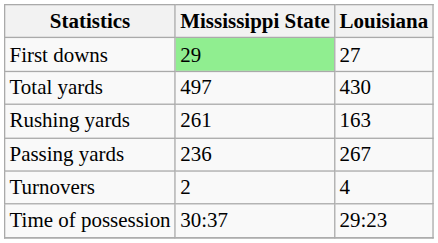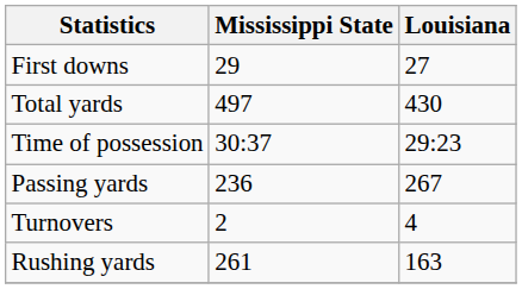 <table class="wikitable">
 <tr>
 <th>Statistics</th>
 <th>Mississippi State</th>
 <th>Louisiana</th>
 </tr>
 <tr>
 <td>First downs</td>
-<td style="background: lightgreen;">29</td>
+<td>29</td>
 <td>27</td>
 </tr>
 <tr>
 <td>Total yards</td>
 <td>497</td>
 <td>430</td>
 </tr>
 <tr>
-<td>Rushing yards</td>
-<td>261</td>
-<td>163</td>
+<td>Time of possession</td>
+<td>30:37</td>
+<td>29:23</td>
 </tr>
 <tr>
 <td>Passing yards</td>
 <td>236</td>
 <td>267</td>
 </tr>
 <tr>
 <td>Turnovers</td>
 <td>2</td>
 <td>4</td>
 </tr>
 <tr>
-<td>Time of possession</td>
-<td>30:37</td>
-<td>29:23</td>
+<td>Rushing yards</td>
+<td>261</td>
+<td>163</td>
 </tr>
 <tr>
 </tr>
 </table>
